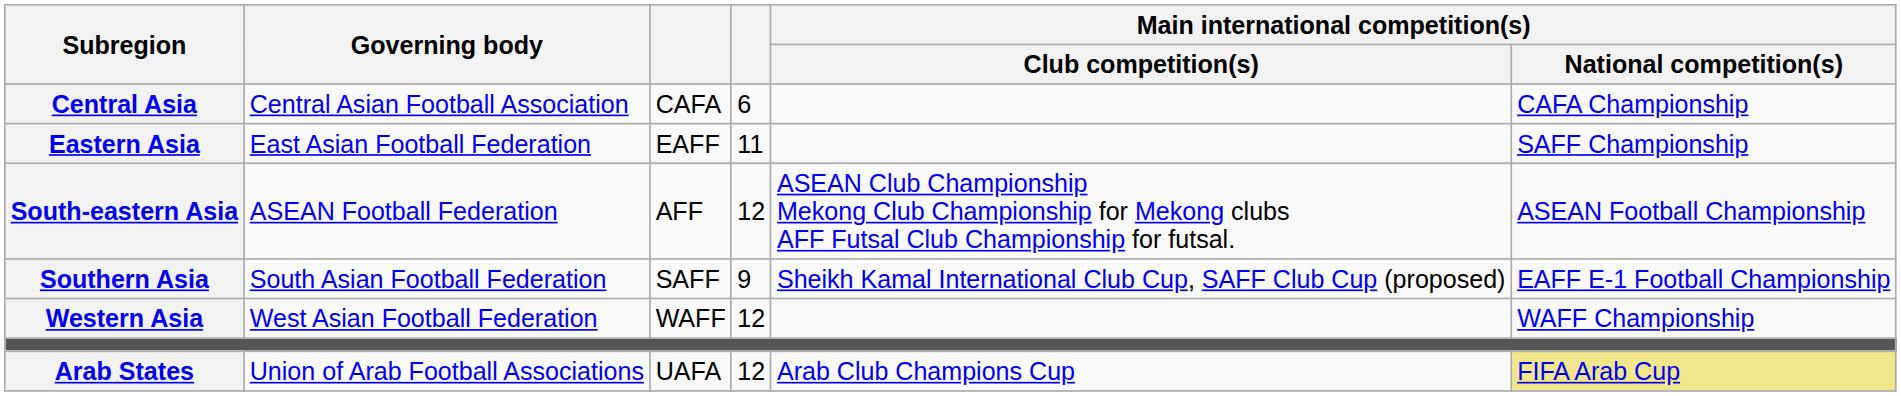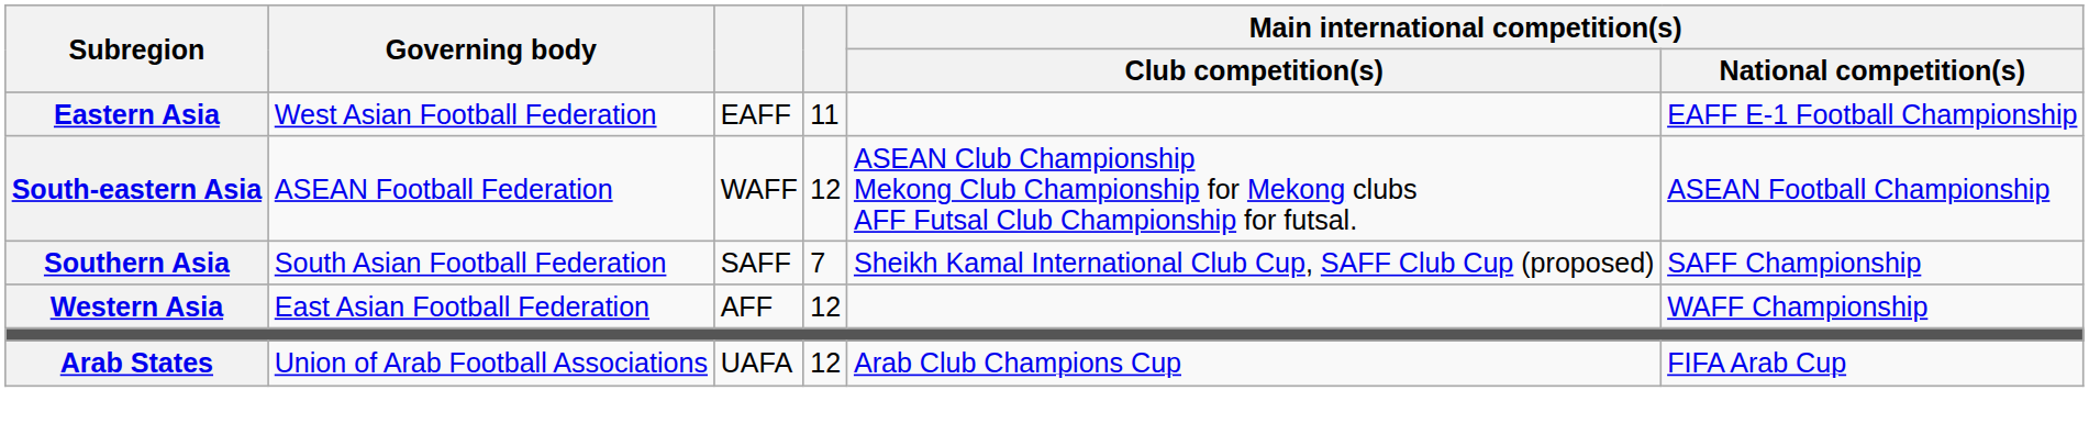 <table class="wikitable sortable" style="font-size: 95%;">
 <tr>
 <th scope="row" rowspan="2">Subregion</th>
 <th scope="row" rowspan="2">Governing body</th>
 <th scope="row" rowspan="2"></th>
 <th scope="row" rowspan="2"></th>
 <th scope="row" colspan="2">Main international competition(s)</th>
 </tr>
 <tr>
 <th scope="row">Club competition(s)</th>
 <th scope="row">National competition(s)</th>
 </tr>
 <tr>
-<th scope="row"><a href='#'>Central Asia</a></th>
-<td> <a href='#'>Central Asian Football Association</a></td>
-<td>CAFA</td>
-<td>6</td>
-<td></td>
-<td><a href='#'>CAFA Championship</a></td>
-</tr>
-<tr>
 <th scope="row"><a href='#'>Eastern Asia</a></th>
-<td> <a href='#'>East Asian Football Federation</a></td>
+<td> <a href='#'>West Asian Football Federation</a></td>
 <td>EAFF</td>
 <td>11</td>
 <td></td>
-<td><a href='#'>SAFF Championship</a></td>
+<td><a href='#'>EAFF E-1 Football Championship</a></td>
 </tr>
 <tr>
 <th scope="row"><a href='#'>South-eastern Asia</a></th>
 <td> <a href='#'>ASEAN Football Federation</a></td>
-<td>AFF</td>
+<td>WAFF</td>
 <td>12</td>
 <td><a href='#'>ASEAN Club Championship</a><br><a href='#'>Mekong Club Championship</a> for <a href='#'>Mekong</a> clubs<br><a href='#'>AFF Futsal Club Championship</a> for futsal.</td>
 <td><a href='#'>ASEAN Football Championship</a></td>
 </tr>
 <tr>
 <th scope="row"><a href='#'>Southern Asia</a></th>
 <td> <a href='#'>South Asian Football Federation</a></td>
 <td>SAFF</td>
-<td>9</td>
+<td>7</td>
 <td><a href='#'>Sheikh Kamal International Club Cup</a>, <a href='#'>SAFF Club Cup</a> (proposed)</td>
-<td><a href='#'>EAFF E-1 Football Championship</a></td>
+<td><a href='#'>SAFF Championship</a></td>
 </tr>
 <tr>
 <th scope="row"><a href='#'>Western Asia</a></th>
-<td> <a href='#'>West Asian Football Federation</a></td>
-<td>WAFF</td>
+<td> <a href='#'>East Asian Football Federation</a></td>
+<td>AFF</td>
 <td>12</td>
 <td></td>
 <td><a href='#'>WAFF Championship</a></td>
 </tr>
 <tr>
 <td colspan="6" style="background:#555;"></td>
 </tr>
 <tr>
 <th scope="row"><a href='#'>Arab States</a></th>
 <td> <a href='#'>Union of Arab Football Associations</a></td>
 <td>UAFA</td>
 <td>12</td>
 <td><a href='#'>Arab Club Champions Cup</a></td>
-<td style="background: khaki;"><a href='#'>FIFA Arab Cup</a></td>
+<td><a href='#'>FIFA Arab Cup</a></td>
 </tr>
 </table>
